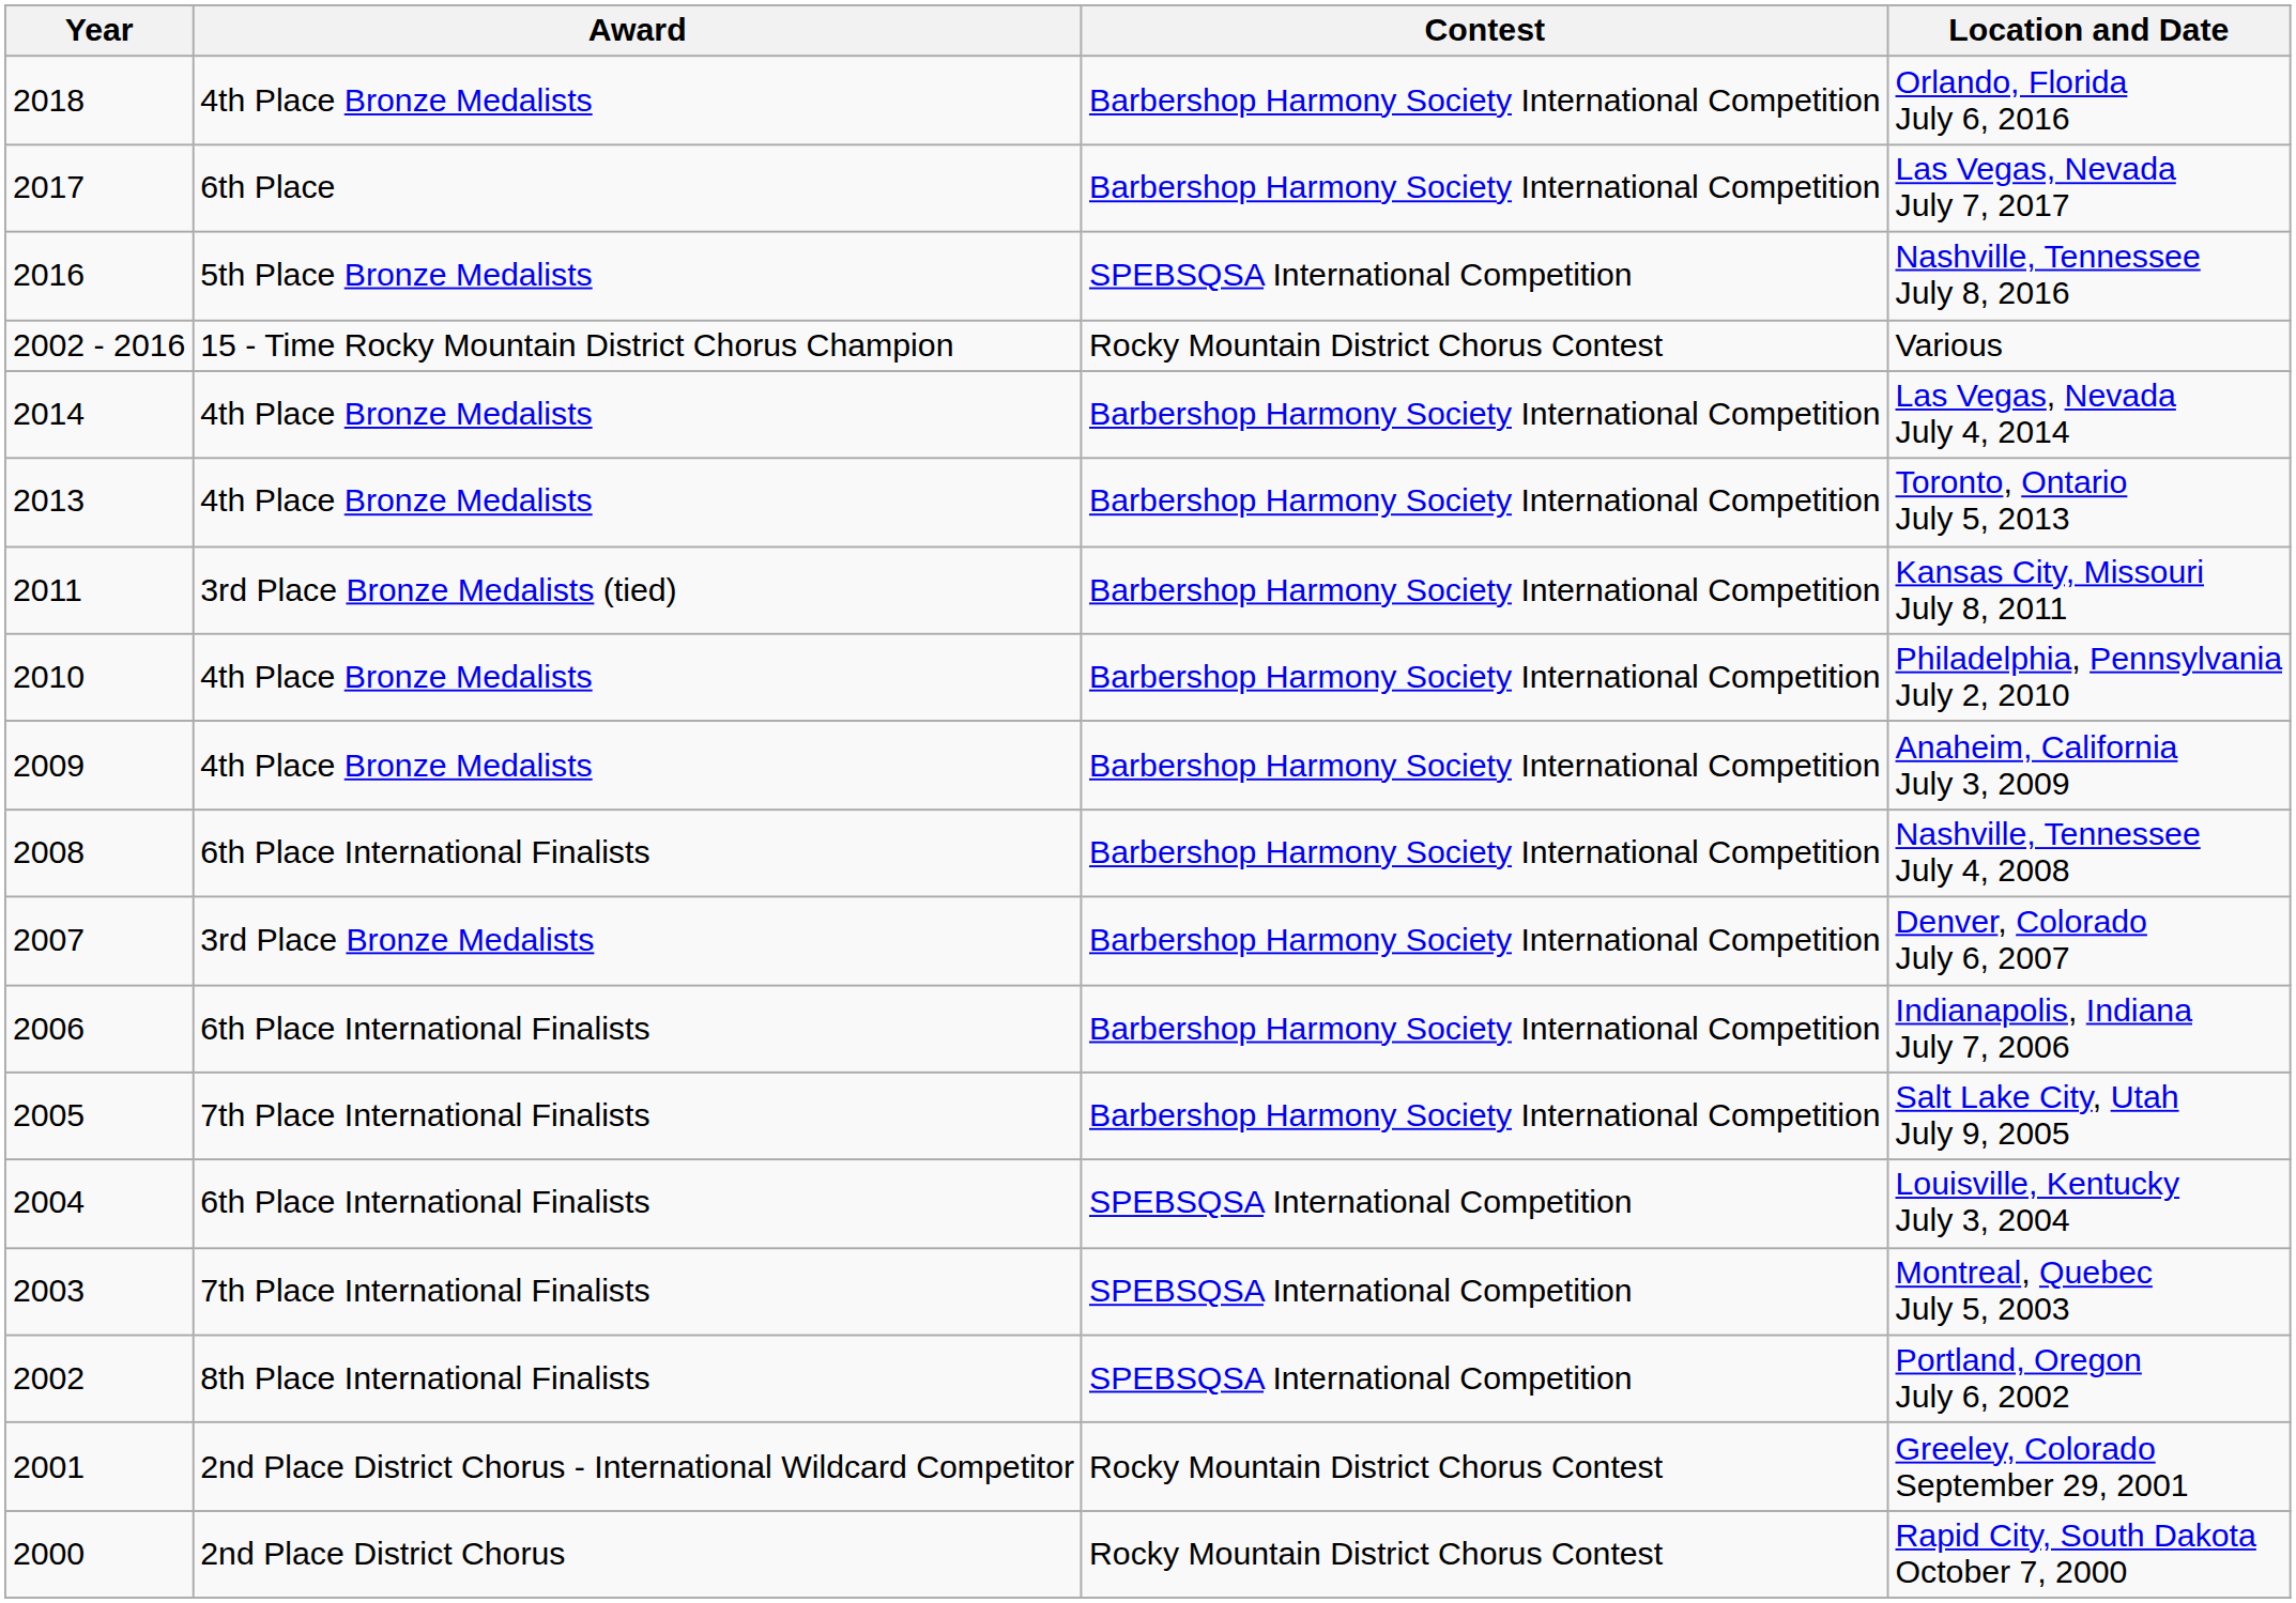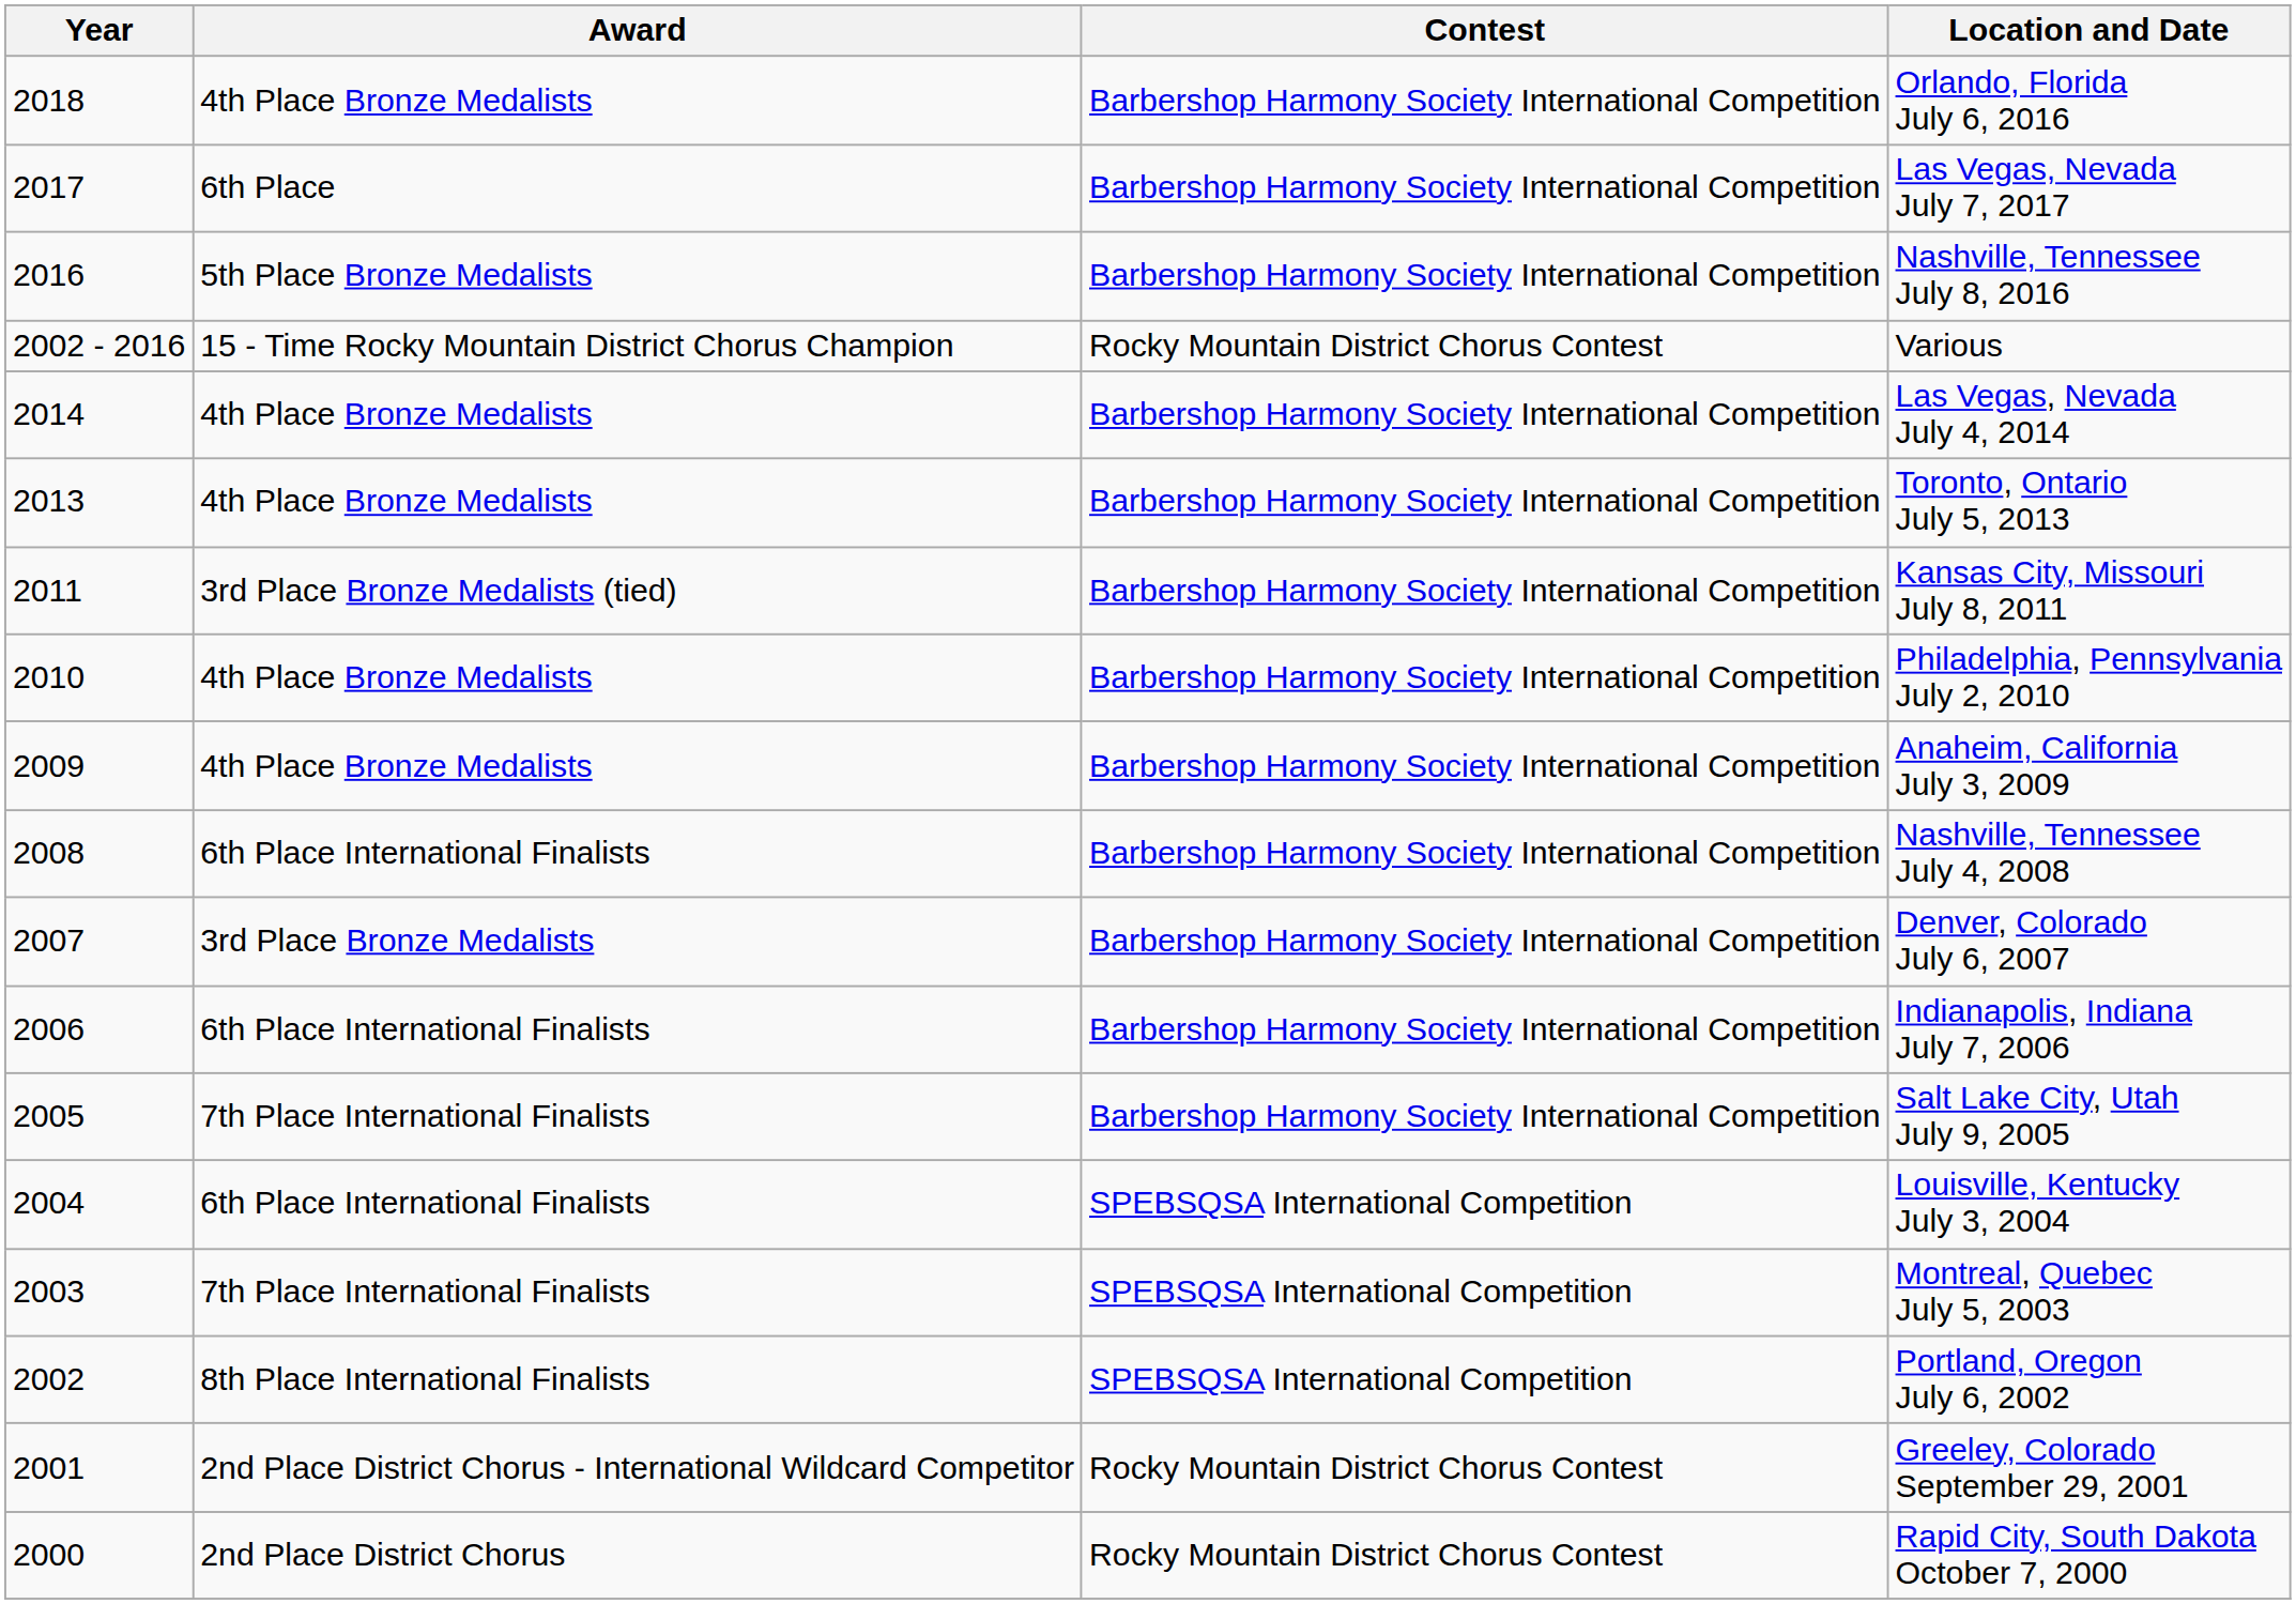 <table class="wikitable sortable">
 <tr>
 <th>Year</th>
 <th>Award</th>
 <th>Contest</th>
 <th>Location and Date</th>
 </tr>
 <tr>
 <td>2018</td>
 <td>4th Place <a href='#'>Bronze Medalists</a></td>
 <td><a href='#'>Barbershop Harmony Society</a> International Competition</td>
 <td><a href='#'>Orlando, Florida</a><br>July 6, 2016</td>
 </tr>
 <tr>
 <td>2017</td>
 <td>6th Place </td>
 <td><a href='#'>Barbershop Harmony Society</a> International Competition</td>
 <td><a href='#'>Las Vegas, Nevada</a><br>July 7, 2017</td>
 </tr>
 <tr>
 <td>2016</td>
 <td>5th Place <a href='#'>Bronze Medalists</a></td>
-<td><a href='#'>SPEBSQSA</a> International Competition</td>
+<td><a href='#'>Barbershop Harmony Society</a> International Competition</td>
 <td><a href='#'>Nashville, Tennessee</a><br>July 8, 2016</td>
 </tr>
 <tr>
 <td>2002 - 2016</td>
 <td>15 - Time Rocky Mountain District Chorus Champion</td>
 <td>Rocky Mountain District Chorus Contest</td>
 <td>Various<br>              </td>
 </tr>
 <tr>
 <td>2014</td>
 <td>4th Place <a href='#'>Bronze Medalists</a></td>
 <td><a href='#'>Barbershop Harmony Society</a> International Competition</td>
 <td><a href='#'>Las Vegas</a>, <a href='#'>Nevada</a><br>July 4, 2014</td>
 </tr>
 <tr>
 <td>2013</td>
 <td>4th Place <a href='#'>Bronze Medalists</a></td>
 <td><a href='#'>Barbershop Harmony Society</a> International Competition</td>
 <td><a href='#'>Toronto</a>, <a href='#'>Ontario</a><br>July 5, 2013</td>
 </tr>
 <tr>
 <td>2011</td>
 <td>3rd Place <a href='#'>Bronze Medalists</a> (tied)</td>
 <td><a href='#'>Barbershop Harmony Society</a> International Competition</td>
 <td><a href='#'>Kansas City, Missouri</a><br>July 8, 2011</td>
 </tr>
 <tr>
 <td>2010</td>
 <td>4th Place <a href='#'>Bronze Medalists</a></td>
 <td><a href='#'>Barbershop Harmony Society</a> International Competition</td>
 <td><a href='#'>Philadelphia</a>, <a href='#'>Pennsylvania</a><br>July 2, 2010</td>
 </tr>
 <tr>
 <td>2009</td>
 <td>4th Place <a href='#'>Bronze Medalists</a></td>
 <td><a href='#'>Barbershop Harmony Society</a> International Competition</td>
 <td><a href='#'>Anaheim, California</a><br>July 3, 2009</td>
 </tr>
 <tr>
 <td>2008</td>
 <td>6th Place International Finalists</td>
 <td><a href='#'>Barbershop Harmony Society</a> International Competition</td>
 <td><a href='#'>Nashville, Tennessee</a><br>July 4, 2008</td>
 </tr>
 <tr>
 <td>2007</td>
 <td>3rd Place <a href='#'>Bronze Medalists</a></td>
 <td><a href='#'>Barbershop Harmony Society</a> International Competition</td>
 <td><a href='#'>Denver</a>, <a href='#'>Colorado</a><br>July 6, 2007</td>
 </tr>
 <tr>
 <td>2006</td>
 <td>6th Place International Finalists</td>
 <td><a href='#'>Barbershop Harmony Society</a> International Competition</td>
 <td><a href='#'>Indianapolis</a>, <a href='#'>Indiana</a><br>July 7, 2006</td>
 </tr>
 <tr>
 <td>2005</td>
 <td>7th Place International Finalists</td>
 <td><a href='#'>Barbershop Harmony Society</a> International Competition</td>
 <td><a href='#'>Salt Lake City</a>, <a href='#'>Utah</a><br>July 9, 2005</td>
 </tr>
 <tr>
 <td>2004</td>
 <td>6th Place International Finalists</td>
 <td><a href='#'>SPEBSQSA</a> International Competition</td>
 <td><a href='#'>Louisville, Kentucky</a><br>July 3, 2004</td>
 </tr>
 <tr>
 <td>2003</td>
 <td>7th Place International Finalists</td>
 <td><a href='#'>SPEBSQSA</a> International Competition</td>
 <td><a href='#'>Montreal</a>, <a href='#'>Quebec</a><br>July 5, 2003</td>
 </tr>
 <tr>
 <td>2002</td>
 <td>8th Place International Finalists</td>
 <td><a href='#'>SPEBSQSA</a> International Competition</td>
 <td><a href='#'>Portland, Oregon</a><br>July 6, 2002</td>
 </tr>
 <tr>
 <td>2001</td>
 <td>2nd Place District Chorus - International Wildcard Competitor</td>
 <td>Rocky Mountain District Chorus Contest</td>
 <td><a href='#'>Greeley, Colorado</a><br>September 29, 2001</td>
 </tr>
 <tr>
 <td>2000</td>
 <td>2nd Place District Chorus</td>
 <td>Rocky Mountain District Chorus Contest</td>
 <td><a href='#'>Rapid City, South Dakota</a><br>October 7, 2000</td>
 </tr>
 <tr>
 </tr>
 </table>
